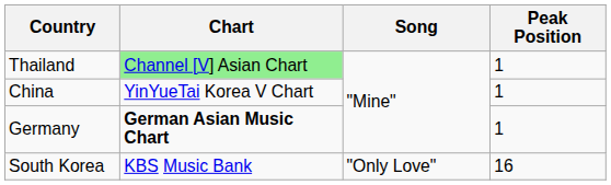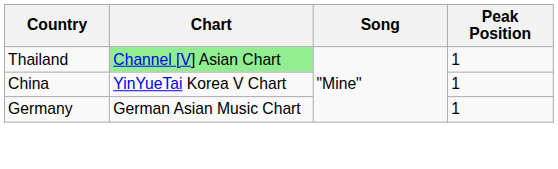 <table class="wikitable" style="align:center" style="text-align:center">
 <tr>
 <th width="100">Country</th>
 <th width="200">Chart</th>
 <th width="130">Song</th>
 <th width="100">Peak Position</th>
 </tr>
 <tr>
 <td>Thailand</td>
 <td style="background: lightgreen;"><a href='#'>Channel [V</a>] Asian Chart</td>
 <td rowspan="3">"Mine"</td>
 <td>1</td>
 </tr>
 <tr>
 <td>China</td>
 <td><a href='#'>YinYueTai</a> Korea V Chart</td>
 <td>1</td>
 </tr>
 <tr>
 <td>Germany</td>
-<td><strong>German Asian Music Chart</strong></td>
+<td>German Asian Music Chart</td>
 <td>1</td>
 </tr>
-<tr>
-<td>South Korea</td>
-<td><a href='#'>KBS</a> <a href='#'>Music Bank</a></td>
-<td>"Only Love"</td>
-<td>16</td>
-</tr>
 </table>
